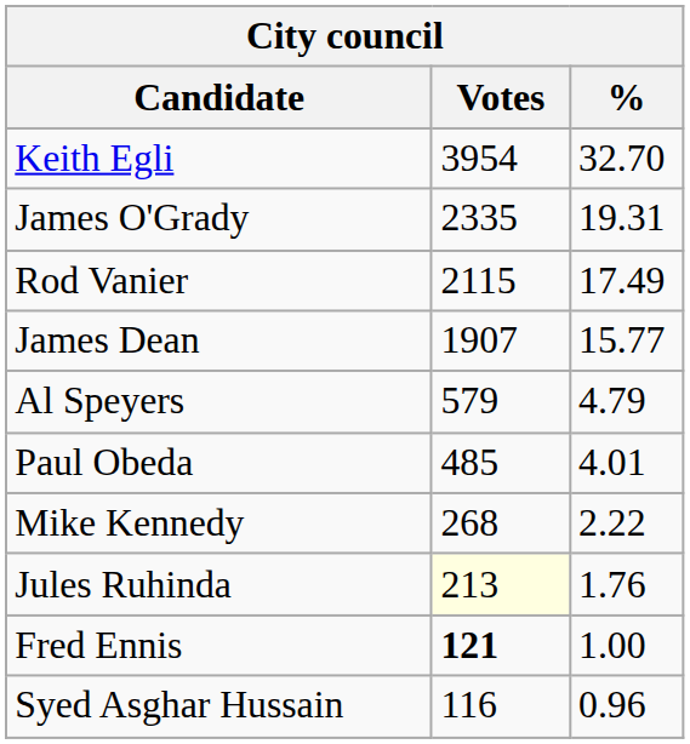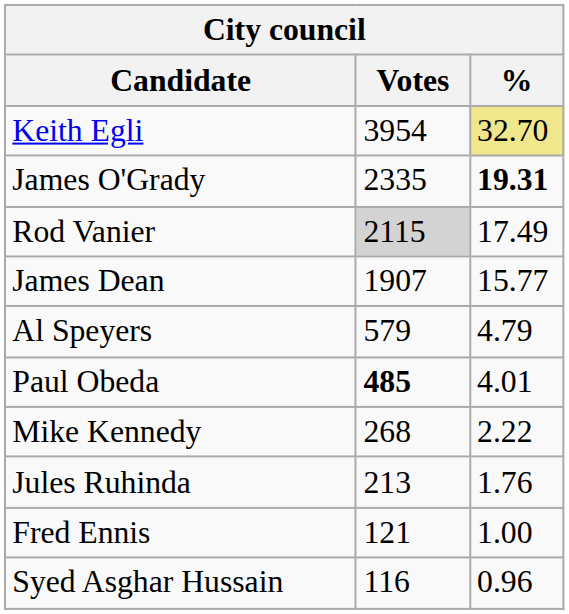 <table class="wikitable">
 <tr>
 <th colspan=3>City council</th>
 </tr>
 <tr>
 <th style="width: 170px">Candidate</th>
 <th style="width: 50px">Votes</th>
 <th style="width: 40px">%</th>
 </tr>
 <tr>
 <td><a href='#'>Keith Egli</a></td>
 <td>3954</td>
-<td>32.70</td>
+<td style="background: khaki;">32.70</td>
 </tr>
 <tr>
 <td>James O'Grady</td>
 <td>2335</td>
-<td>19.31</td>
+<td><strong>19.31</strong></td>
 </tr>
 <tr>
 <td>Rod Vanier</td>
-<td>2115</td>
+<td style="background: lightgrey;">2115</td>
 <td>17.49</td>
 </tr>
 <tr>
 <td>James Dean</td>
 <td>1907</td>
 <td>15.77</td>
 </tr>
 <tr>
 <td>Al Speyers</td>
 <td>579</td>
 <td>4.79</td>
 </tr>
 <tr>
 <td>Paul Obeda</td>
-<td>485</td>
+<td><strong>485</strong></td>
 <td>4.01</td>
 </tr>
 <tr>
 <td>Mike Kennedy</td>
 <td>268</td>
 <td>2.22</td>
 </tr>
 <tr>
 <td>Jules Ruhinda</td>
-<td style="background: lightyellow;">213</td>
+<td>213</td>
 <td>1.76</td>
 </tr>
 <tr>
 <td>Fred Ennis</td>
-<td><strong>121</strong></td>
+<td>121</td>
 <td>1.00</td>
 </tr>
 <tr>
 <td>Syed Asghar Hussain</td>
 <td>116</td>
 <td>0.96</td>
 </tr>
 </table>
